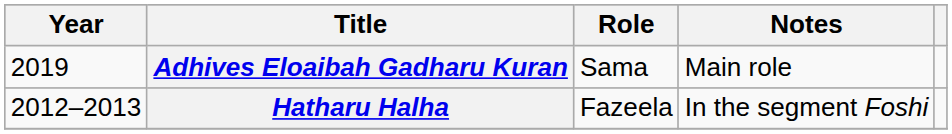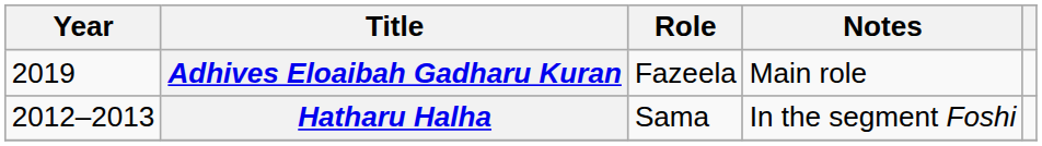 <table class="wikitable sortable plainrowheaders">
 <tr style="background:#ccc; text-align:center;">
 <th scope="col">Year</th>
 <th scope="col">Title</th>
 <th scope="col">Role</th>
 <th scope="col">Notes</th>
 <th scope="col" class="unsortable"></th>
 </tr>
 <tr>
 <td>2019</td>
 <th scope="row"><em><a href='#'>Adhives Eloaibah Gadharu Kuran</a></em></th>
-<td>Sama</td>
+<td>Fazeela</td>
 <td>Main role</td>
 <td style="text-align: center;"></td>
 </tr>
 <tr>
 <td>2012–2013</td>
 <th scope="row"><em><a href='#'>Hatharu Halha</a></em></th>
-<td>Fazeela</td>
+<td>Sama</td>
 <td>In the segment <em>Foshi</em></td>
 <td style="text-align: center;"></td>
 </tr>
 <tr>
 </tr>
 </table>
